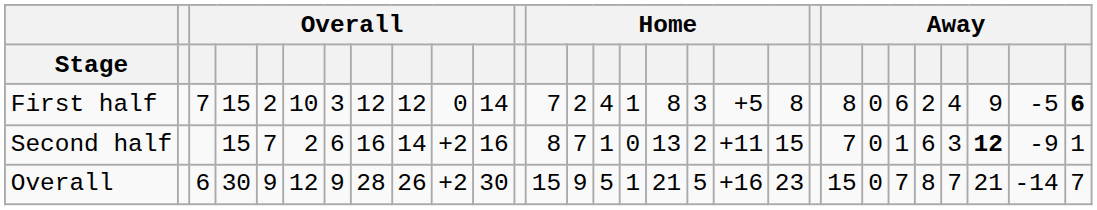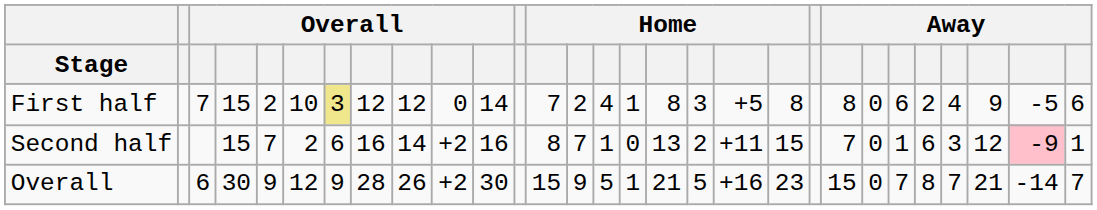 <table class="wikitable" style="text-align: right;">
 <tr>
 <th rawspan=2></th>
 <th rawspan=2></th>
 <th colspan=9>Overall</th>
 <th rawspan=1></th>
 <th colspan=8>Home</th>
 <th rawspan=1></th>
 <th colspan=8>Away</th>
 </tr>
 <tr>
 <th>Stage</th>
 <th></th>
 <th></th>
 <th></th>
 <th></th>
 <th></th>
 <th></th>
 <th></th>
 <th></th>
 <th></th>
 <th></th>
 <th></th>
 <th></th>
 <th></th>
 <th></th>
 <th></th>
 <th></th>
 <th></th>
 <th></th>
 <th></th>
 <th></th>
 <th></th>
 <th></th>
 <th></th>
 <th></th>
 <th></th>
 <th></th>
 <th></th>
 <th></th>
 </tr>
 <tr>
 <td align="left">First half</td>
 <td></td>
 <td>7</td>
 <td>15</td>
 <td>2</td>
 <td>10</td>
-<td>3</td>
+<td style="background: khaki;">3</td>
 <td>12</td>
 <td>12</td>
 <td>0</td>
 <td>14</td>
 <td></td>
 <td>7</td>
 <td>2</td>
 <td>4</td>
 <td>1</td>
 <td>8</td>
 <td>3</td>
 <td>+5</td>
 <td>8</td>
 <td></td>
 <td>8</td>
 <td>0</td>
 <td>6</td>
 <td>2</td>
 <td>4</td>
 <td>9</td>
 <td>-5</td>
-<td><strong>6</strong></td>
+<td>6</td>
 </tr>
 <tr>
 <td align="left">Second half</td>
 <td></td>
 <td></td>
 <td>15</td>
 <td>7</td>
 <td>2</td>
 <td>6</td>
 <td>16</td>
 <td>14</td>
 <td>+2</td>
 <td>16</td>
 <td></td>
 <td>8</td>
 <td>7</td>
 <td>1</td>
 <td>0</td>
 <td>13</td>
 <td>2</td>
 <td>+11</td>
 <td>15</td>
 <td></td>
 <td>7</td>
 <td>0</td>
 <td>1</td>
 <td>6</td>
 <td>3</td>
-<td><strong>12</strong></td>
-<td>-9</td>
+<td>12</td>
+<td style="background: pink;">-9</td>
 <td>1</td>
 </tr>
 <tr>
 <td align="left">Overall</td>
 <td></td>
 <td>6</td>
 <td>30</td>
 <td>9</td>
 <td>12</td>
 <td>9</td>
 <td>28</td>
 <td>26</td>
 <td>+2</td>
 <td>30</td>
 <td></td>
 <td>15</td>
 <td>9</td>
 <td>5</td>
 <td>1</td>
 <td>21</td>
 <td>5</td>
 <td>+16</td>
 <td>23</td>
 <td></td>
 <td>15</td>
 <td>0</td>
 <td>7</td>
 <td>8</td>
 <td>7</td>
 <td>21</td>
 <td>-14</td>
 <td>7</td>
 </tr>
 </table>
